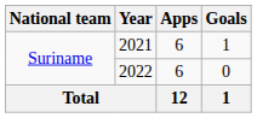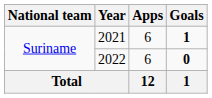 <table class="wikitable" style="text-align:center">
 <tr>
 <th>National team</th>
 <th>Year</th>
 <th>Apps</th>
 <th>Goals</th>
 </tr>
 <tr>
 <td rowspan="2"><a href='#'>Suriname</a></td>
 <td>2021</td>
 <td>6</td>
-<td>1</td>
+<td><strong>1</strong></td>
 </tr>
 <tr>
 <td>2022</td>
 <td>6</td>
-<td>0</td>
+<td><strong>0</strong></td>
 </tr>
 <tr>
 <th colspan="2">Total</th>
 <th>12</th>
 <th>1</th>
 </tr>
 </table>
